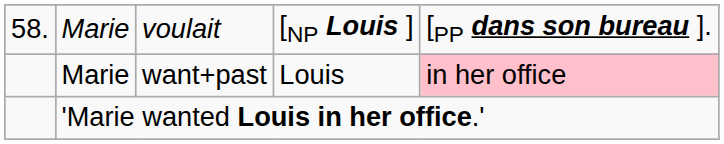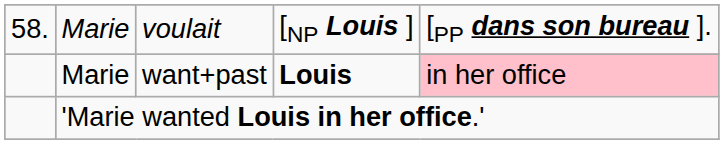 <table class="wikitable">
 <tr>
 <td>58.</td>
 <td><em>Marie</em></td>
 <td><em>voulait</em></td>
 <td>[<sub>NP</sub> <strong><em>Louis</em></strong> ]</td>
 <td>[<sub>PP</sub> <strong><u><em>dans son bureau</em></u></strong> ].</td>
 </tr>
 <tr>
 <td></td>
 <td>Marie</td>
 <td>want+past</td>
-<td>Louis</td>
+<td><strong>Louis</strong></td>
 <td style="background: pink;">in      her   office</td>
 </tr>
 <tr>
 <td></td>
 <td colspan="4">'Marie wanted <strong>Louis in her office</strong>.'</td>
 </tr>
 </table>
